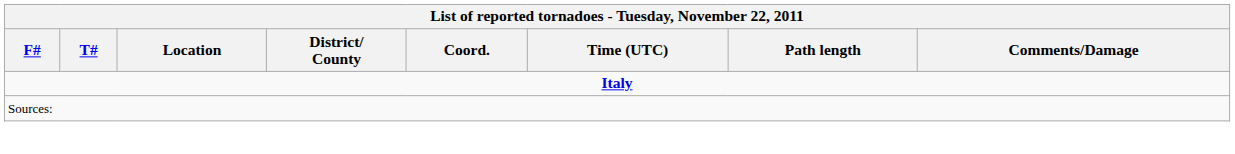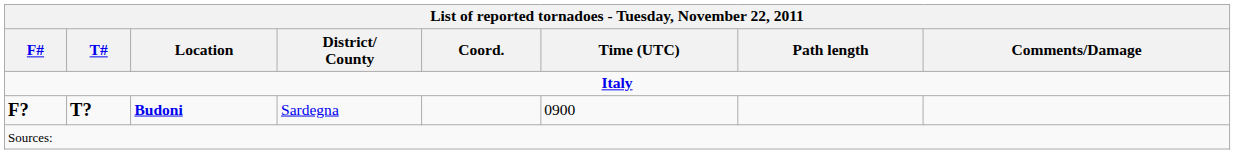 <table class="wikitable collapsible" width="100%">
 <tr>
 <th colspan="8">List of reported tornadoes - Tuesday, November 22, 2011</th>
 </tr>
 <tr>
 <th><a href='#'>F#</a></th>
 <th><a href='#'>T#</a></th>
 <th>Location</th>
 <th>District/<br>County</th>
 <th>Coord.</th>
 <th>Time (UTC)</th>
 <th>Path length</th>
 <th>Comments/Damage</th>
 </tr>
 <tr>
 <td colspan="8" align=center><strong><a href='#'>Italy</a></strong></td>
 </tr>
 <tr>
+<td><big><strong>F?</strong></big></td>
+<td><big><strong>T?</strong></big></td>
+<td><strong><a href='#'>Budoni</a></strong></td>
+<td><a href='#'>Sardegna</a></td>
+<td></td>
+<td>0900</td>
+<td></td>
+<td></td>
+</tr>
+<tr>
 <td colspan="8"><small>Sources:  </small></td>
 </tr>
 </table>
